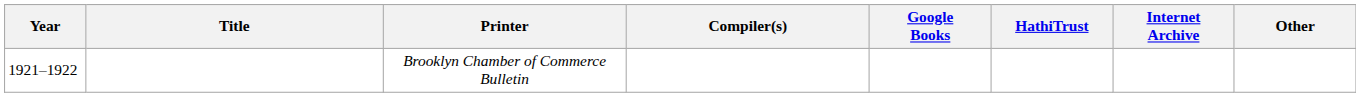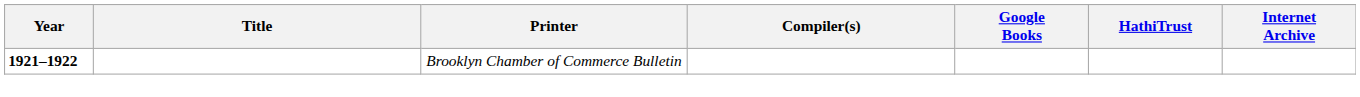 <table class="wikitable collapsible sortable" border="0" cellpadding="1" style="color:black; background-color: #FFFFFF; font-size: 90%; width:100%">
 <tr>
 <th>Year</th>
 <th>Title</th>
 <th>Printer</th>
 <th>Compiler(s)</th>
 <th><a href='#'>Google<br>Books</a></th>
 <th><a href='#'>HathiTrust</a></th>
 <th><a href='#'>Internet<br>Archive</a></th>
-<th>Other</th>
 </tr>
 <tr>
-<td width="6%">1921–1922</td>
+<td width="6%"><strong>1921–1922</strong></td>
 <td width="22%" width="18%" data-sort-value="brooklyn register 1921"></td>
 <td style="text-align:center" width="18%" data-sort-value="brooklyn 1921"><em>Brooklyn Chamber of Commerce Bulletin</em></td>
 <td style="text-align:center" width="18%"></td>
 <td style="text-align:center" width="9%" data-sort-value="google books 1921"></td>
 <td style="text-align:center" width="9%"></td>
 <td style="text-align:center" width="9%"></td>
-<td style="text-align:center" width="9%"></td>
 </tr>
 </table>
